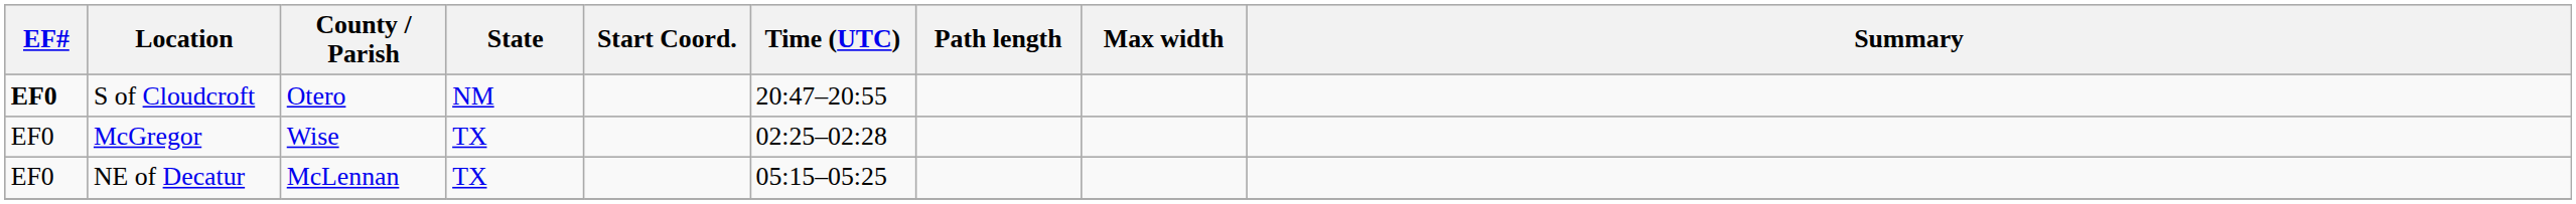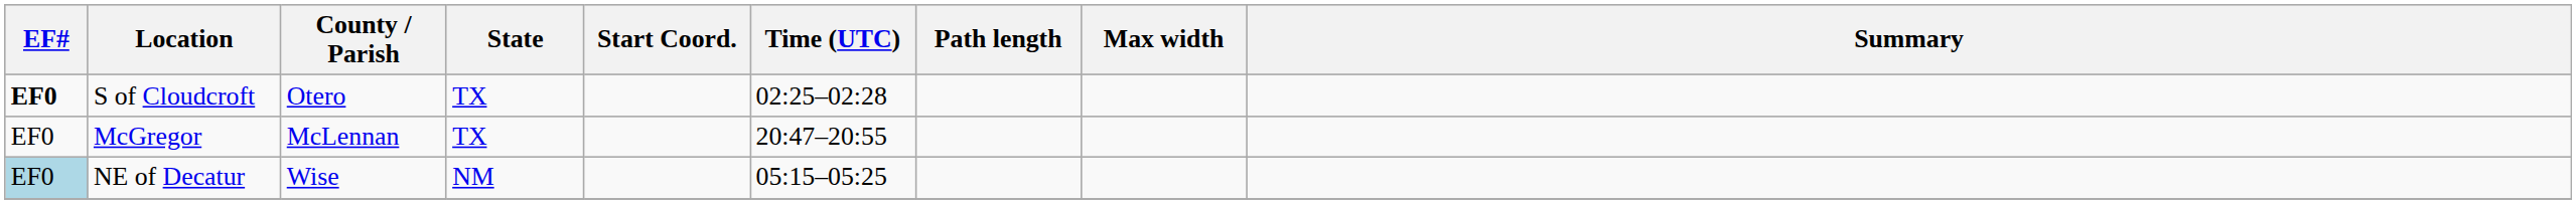 <table class="wikitable sortable" style="width:100%;">
 <tr>
 <th scope="col"  style="width:3%; text-align:center;"><a href='#'>EF#</a></th>
 <th scope="col"  style="width:7%; text-align:center;" class="unsortable">Location</th>
 <th scope="col"  style="width:6%; text-align:center;" class="unsortable">County / Parish</th>
 <th scope="col"  style="width:5%; text-align:center;">State</th>
 <th scope="col"  style="width:6%; text-align:center;">Start Coord.</th>
 <th scope="col"  style="width:6%; text-align:center;">Time (<a href='#'>UTC</a>)</th>
 <th scope="col"  style="width:6%; text-align:center;">Path length</th>
 <th scope="col"  style="width:6%; text-align:center;">Max width</th>
 <th scope="col" class="unsortable" style="width:48%; text-align:center;">Summary</th>
 </tr>
 <tr>
 <td><strong>EF0</strong></td>
 <td>S of <a href='#'>Cloudcroft</a></td>
 <td><a href='#'>Otero</a></td>
-<td><a href='#'>NM</a></td>
-<td></td>
-<td>20:47–20:55</td>
-<td></td>
-<td></td>
-<td></td>
-</tr>
-<tr>
-<td>EF0</td>
-<td><a href='#'>McGregor</a></td>
-<td><a href='#'>Wise</a></td>
 <td><a href='#'>TX</a></td>
 <td></td>
 <td>02:25–02:28</td>
 <td></td>
 <td></td>
 <td></td>
 </tr>
 <tr>
 <td>EF0</td>
-<td>NE of <a href='#'>Decatur</a></td>
+<td><a href='#'>McGregor</a></td>
 <td><a href='#'>McLennan</a></td>
 <td><a href='#'>TX</a></td>
+<td></td>
+<td>20:47–20:55</td>
+<td></td>
+<td></td>
+<td></td>
+</tr>
+<tr>
+<td style="background: lightblue;">EF0</td>
+<td>NE of <a href='#'>Decatur</a></td>
+<td><a href='#'>Wise</a></td>
+<td><a href='#'>NM</a></td>
 <td></td>
 <td>05:15–05:25</td>
 <td></td>
 <td></td>
 <td></td>
 </tr>
 <tr>
 </tr>
 </table>
